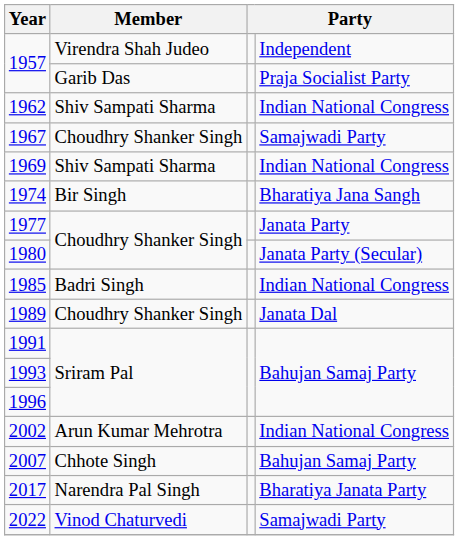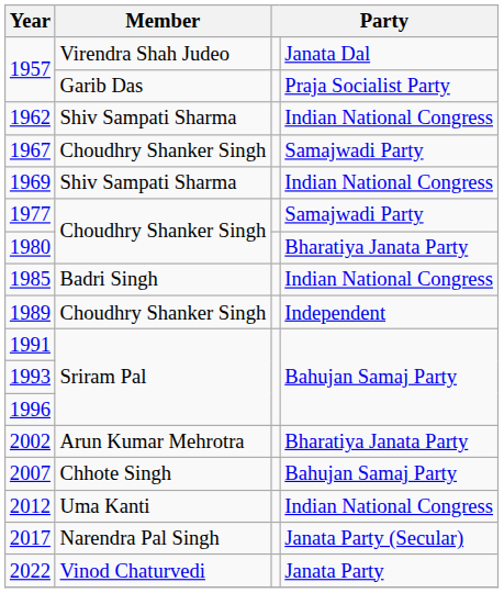 <table class="wikitable">
 <tr>
 <th>Year</th>
 <th>Member</th>
 <th colspan="2">Party</th>
 </tr>
 <tr>
 <td rowspan="2"><a href='#'>1957</a></td>
 <td>Virendra Shah Judeo</td>
 <td style="background-color: "></td>
-<td><a href='#'>Independent</a></td>
+<td><a href='#'>Janata Dal</a></td>
 </tr>
 <tr>
 <td>Garib Das</td>
 <td style="background-color: "></td>
 <td><a href='#'>Praja Socialist Party</a></td>
 </tr>
 <tr>
 <td><a href='#'>1962</a></td>
 <td>Shiv Sampati Sharma</td>
 <td style="background-color: "></td>
 <td><a href='#'>Indian National Congress</a></td>
 </tr>
 <tr>
 <td><a href='#'>1967</a></td>
 <td>Choudhry Shanker Singh</td>
 <td style="background-color: "></td>
 <td><a href='#'>Samajwadi Party</a></td>
 </tr>
 <tr>
 <td><a href='#'>1969</a></td>
 <td>Shiv Sampati Sharma</td>
 <td style="background-color: "></td>
 <td><a href='#'>Indian National Congress</a></td>
 </tr>
 <tr>
-<td><a href='#'>1974</a></td>
-<td>Bir Singh</td>
-<td style="background-color: "></td>
-<td><a href='#'>Bharatiya Jana Sangh</a></td>
-</tr>
-<tr>
 <td><a href='#'>1977</a></td>
 <td rowspan="2">Choudhry Shanker Singh</td>
 <td style="background-color: "></td>
-<td><a href='#'>Janata Party</a></td>
+<td><a href='#'>Samajwadi Party</a></td>
 </tr>
 <tr>
 <td><a href='#'>1980</a></td>
 <td style="background-color: "></td>
-<td><a href='#'>Janata Party (Secular)</a></td>
+<td><a href='#'>Bharatiya Janata Party</a></td>
 </tr>
 <tr>
 <td><a href='#'>1985</a></td>
 <td>Badri Singh</td>
 <td style="background-color: "></td>
 <td><a href='#'>Indian National Congress</a></td>
 </tr>
 <tr>
 <td><a href='#'>1989</a></td>
 <td>Choudhry Shanker Singh</td>
 <td style="background-color: "></td>
-<td><a href='#'>Janata Dal</a></td>
+<td><a href='#'>Independent</a></td>
 </tr>
 <tr>
 <td><a href='#'>1991</a></td>
 <td rowspan="3">Sriram Pal</td>
 <td rowspan="3" style="background-color: "></td>
 <td rowspan="3"><a href='#'>Bahujan Samaj Party</a></td>
 </tr>
 <tr>
 <td><a href='#'>1993</a></td>
 </tr>
 <tr>
 <td><a href='#'>1996</a></td>
 </tr>
 <tr>
 <td><a href='#'>2002</a></td>
 <td>Arun Kumar Mehrotra</td>
 <td style="background-color: "></td>
-<td><a href='#'>Indian National Congress</a></td>
+<td><a href='#'>Bharatiya Janata Party</a></td>
 </tr>
 <tr>
 <td><a href='#'>2007</a></td>
 <td>Chhote Singh</td>
 <td style="background-color: "></td>
 <td><a href='#'>Bahujan Samaj Party</a></td>
 </tr>
 <tr>
+<td><a href='#'>2012</a></td>
+<td>Uma Kanti</td>
+<td style="background-color: "></td>
+<td><a href='#'>Indian National Congress</a></td>
+</tr>
+<tr>
 <td><a href='#'>2017</a></td>
 <td>Narendra Pal Singh</td>
 <td style="background-color: "></td>
-<td><a href='#'>Bharatiya Janata Party</a></td>
+<td><a href='#'>Janata Party (Secular)</a></td>
 </tr>
 <tr>
 <td><a href='#'>2022</a></td>
 <td><a href='#'>Vinod Chaturvedi</a></td>
 <td style="background-color: "></td>
-<td><a href='#'>Samajwadi Party</a></td>
+<td><a href='#'>Janata Party</a></td>
 </tr>
 <tr>
 </tr>
 </table>
